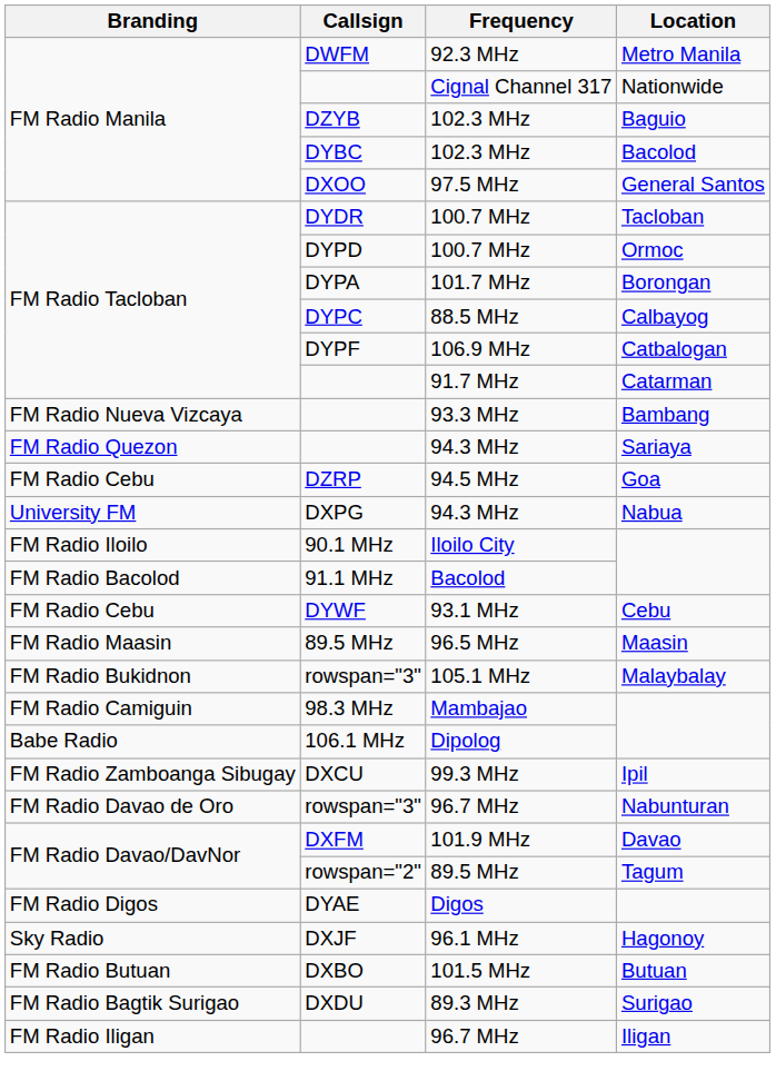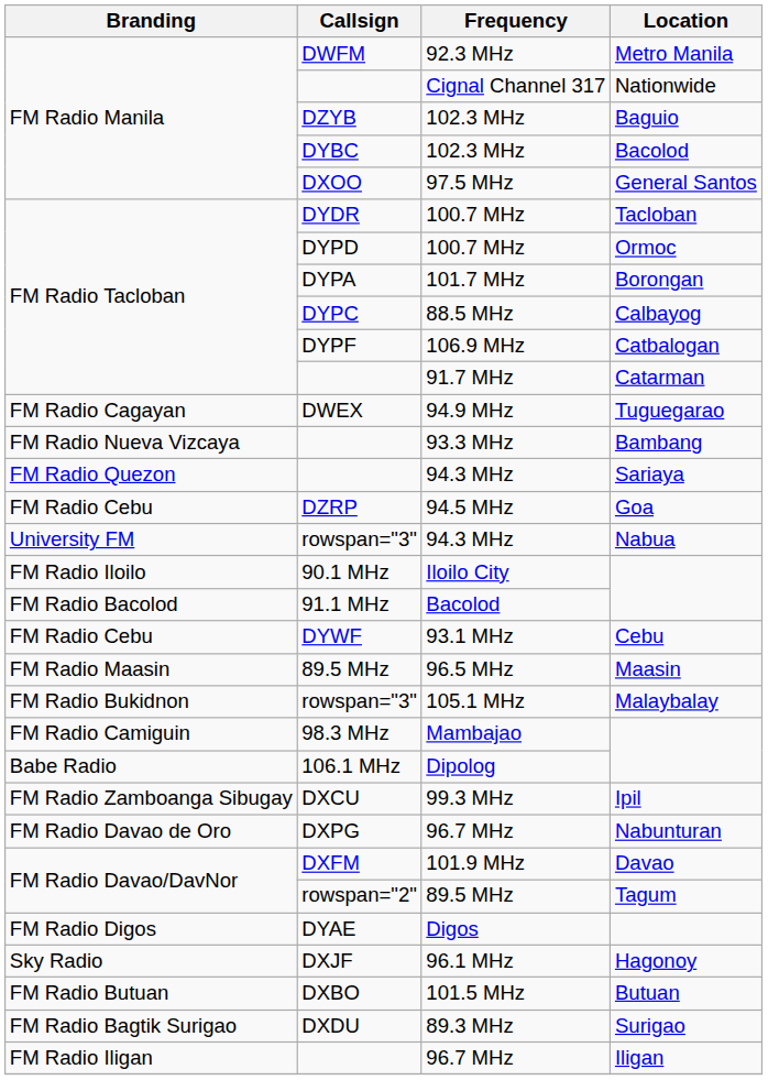 <table class="wikitable">
 <tr>
 <th>Branding</th>
 <th>Callsign</th>
 <th>Frequency</th>
 <th>Location</th>
 </tr>
 <tr>
 <td rowspan="5">FM Radio Manila</td>
 <td><a href='#'>DWFM</a></td>
 <td>92.3 MHz</td>
 <td><a href='#'>Metro Manila</a></td>
 </tr>
 <tr>
 <td></td>
 <td><a href='#'>Cignal</a> Channel 317</td>
 <td>Nationwide</td>
 </tr>
 <tr>
 <td><a href='#'>DZYB</a></td>
 <td>102.3 MHz</td>
 <td><a href='#'>Baguio</a></td>
 </tr>
 <tr>
 <td><a href='#'>DYBC</a></td>
 <td>102.3 MHz</td>
 <td><a href='#'>Bacolod</a></td>
 </tr>
 <tr>
 <td><a href='#'>DXOO</a></td>
 <td>97.5 MHz</td>
 <td><a href='#'>General Santos</a></td>
 </tr>
 <tr>
 <td rowspan="6">FM Radio Tacloban</td>
 <td><a href='#'>DYDR</a></td>
 <td>100.7 MHz</td>
 <td><a href='#'>Tacloban</a></td>
 </tr>
 <tr>
 <td>DYPD</td>
 <td>100.7 MHz</td>
 <td><a href='#'>Ormoc</a></td>
 </tr>
 <tr>
 <td>DYPA</td>
 <td>101.7 MHz</td>
 <td><a href='#'>Borongan</a></td>
 </tr>
 <tr>
 <td><a href='#'>DYPC</a></td>
 <td>88.5 MHz</td>
 <td><a href='#'>Calbayog</a></td>
 </tr>
 <tr>
 <td>DYPF</td>
 <td>106.9 MHz</td>
 <td><a href='#'>Catbalogan</a></td>
 </tr>
 <tr>
 <td></td>
 <td>91.7 MHz</td>
 <td><a href='#'>Catarman</a></td>
 </tr>
 <tr>
+<td>FM Radio Cagayan</td>
+<td>DWEX</td>
+<td>94.9 MHz</td>
+<td><a href='#'>Tuguegarao</a></td>
+</tr>
+<tr>
 <td>FM Radio Nueva Vizcaya</td>
 <td></td>
 <td>93.3 MHz</td>
 <td><a href='#'>Bambang</a></td>
 </tr>
 <tr>
 <td><a href='#'>FM Radio Quezon</a></td>
 <td></td>
 <td>94.3 MHz</td>
 <td><a href='#'>Sariaya</a></td>
 </tr>
 <tr>
 <td>FM Radio Cebu </td>
 <td><a href='#'>DZRP</a></td>
 <td>94.5 MHz</td>
 <td><a href='#'>Goa</a></td>
 </tr>
 <tr>
 <td><a href='#'>University FM</a></td>
-<td>DXPG</td>
+<td>rowspan="3" </td>
 <td>94.3 MHz</td>
 <td><a href='#'>Nabua</a></td>
 </tr>
 <tr>
 <td>FM Radio Iloilo</td>
 <td>90.1 MHz</td>
 <td><a href='#'>Iloilo City</a></td>
 </tr>
 <tr>
 <td>FM Radio Bacolod</td>
 <td>91.1 MHz</td>
 <td><a href='#'>Bacolod</a></td>
 </tr>
 <tr>
 <td>FM Radio Cebu </td>
 <td><a href='#'>DYWF</a></td>
 <td>93.1 MHz</td>
 <td><a href='#'>Cebu</a></td>
 </tr>
 <tr>
 <td>FM Radio Maasin</td>
 <td>89.5 MHz</td>
 <td>96.5 MHz</td>
 <td><a href='#'>Maasin</a></td>
 </tr>
 <tr>
 <td>FM Radio Bukidnon</td>
 <td>rowspan="3" </td>
 <td>105.1 MHz</td>
 <td><a href='#'>Malaybalay</a></td>
 </tr>
 <tr>
 <td>FM Radio Camiguin</td>
 <td>98.3 MHz</td>
 <td><a href='#'>Mambajao</a></td>
 </tr>
 <tr>
 <td>Babe Radio</td>
 <td>106.1 MHz</td>
 <td><a href='#'>Dipolog</a></td>
 </tr>
 <tr>
 <td>FM Radio Zamboanga Sibugay</td>
 <td>DXCU</td>
 <td>99.3 MHz</td>
 <td><a href='#'>Ipil</a></td>
 </tr>
 <tr>
 <td>FM Radio Davao de Oro</td>
-<td>rowspan="3" </td>
+<td>DXPG</td>
 <td>96.7 MHz</td>
 <td><a href='#'>Nabunturan</a></td>
 </tr>
 <tr>
 <td rowspan="2">FM Radio Davao/DavNor</td>
 <td><a href='#'>DXFM</a></td>
 <td>101.9 MHz</td>
 <td><a href='#'>Davao</a></td>
 </tr>
 <tr>
 <td>rowspan="2" </td>
 <td>89.5 MHz</td>
 <td><a href='#'>Tagum</a></td>
 </tr>
 <tr>
 <td>FM Radio Digos</td>
 <td>DYAE</td>
 <td><a href='#'>Digos</a></td>
 </tr>
 <tr>
 <td>Sky Radio</td>
 <td>DXJF</td>
 <td>96.1 MHz</td>
 <td><a href='#'>Hagonoy</a></td>
 </tr>
 <tr>
 <td>FM Radio Butuan</td>
 <td>DXBO</td>
 <td>101.5 MHz</td>
 <td><a href='#'>Butuan</a></td>
 </tr>
 <tr>
 <td>FM Radio Bagtik Surigao</td>
 <td>DXDU</td>
 <td>89.3 MHz</td>
 <td><a href='#'>Surigao</a></td>
 </tr>
 <tr>
 <td>FM Radio Iligan</td>
 <td></td>
 <td>96.7 MHz</td>
 <td><a href='#'>Iligan</a></td>
 </tr>
 <tr>
 </tr>
 </table>
